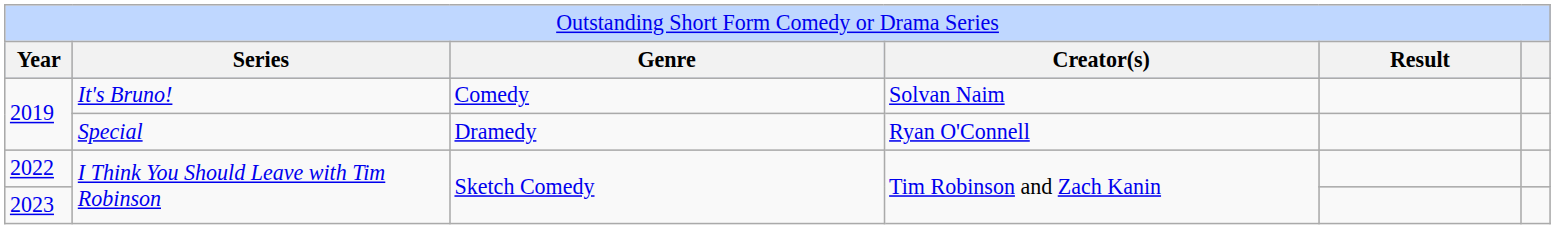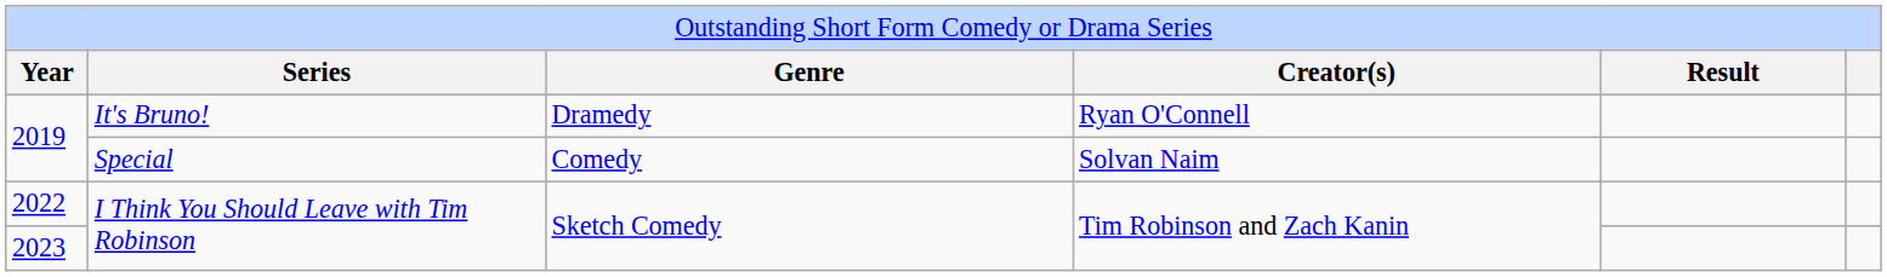 <table class="wikitable plainrowheaders" style="font-size: 90%" width=80%>
 <tr ---- bgcolor="#bfd7ff">
 <td colspan=6 align=center><a href='#'>Outstanding Short Form Comedy or Drama Series</a></td>
 </tr>
 <tr ---- bgcolor="#bfd7ff">
 <th scope="col" style="width:1%;">Year</th>
 <th scope="col" style="width:13%;">Series</th>
 <th scope="col" style="width:15%;">Genre</th>
 <th scope="col" style="width:15%;">Creator(s)</th>
 <th scope="col" style="width:7%;">Result</th>
 <th scope="col" style="width:1%;"></th>
 </tr>
 <tr>
 <td rowspan="2"><a href='#'>2019</a></td>
 <td><em><a href='#'>It's Bruno!</a></em></td>
-<td><a href='#'>Comedy</a></td>
-<td><a href='#'>Solvan Naim</a></td>
+<td><a href='#'>Dramedy</a></td>
+<td><a href='#'>Ryan O'Connell</a></td>
 <td></td>
 <td></td>
 </tr>
 <tr>
 <td><em><a href='#'>Special</a></em></td>
-<td><a href='#'>Dramedy</a></td>
-<td><a href='#'>Ryan O'Connell</a></td>
+<td><a href='#'>Comedy</a></td>
+<td><a href='#'>Solvan Naim</a></td>
 <td></td>
 <td></td>
 </tr>
 <tr>
 <td><a href='#'>2022</a></td>
 <td rowspan="2"><em><a href='#'>I Think You Should Leave with Tim Robinson</a></em></td>
 <td rowspan="2"><a href='#'>Sketch Comedy</a></td>
 <td rowspan="2"><a href='#'>Tim Robinson</a> and <a href='#'>Zach Kanin</a></td>
 <td></td>
 <td></td>
 </tr>
 <tr>
 <td><a href='#'>2023</a></td>
 <td></td>
 <td></td>
 </tr>
 </table>
